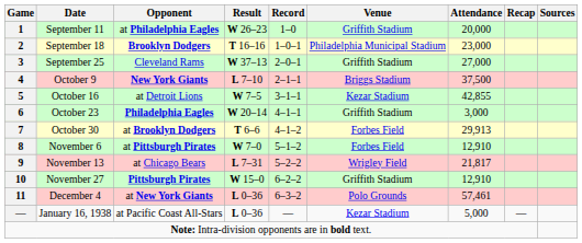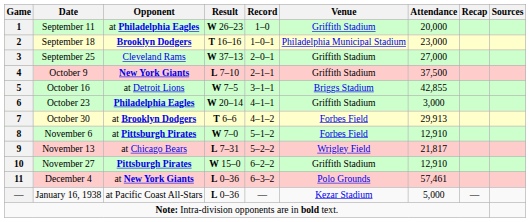 <table class="wikitable" style="text-align:center">
 <tr>
 <th>Game</th>
 <th>Date</th>
 <th>Opponent</th>
 <th>Result</th>
 <th>Record</th>
 <th>Venue</th>
 <th>Attendance</th>
 <th>Recap</th>
 <th>Sources</th>
 </tr>
 <tr style="background:#cfc">
 <th>1</th>
 <td>September 11</td>
 <td>at <strong><a href='#'>Philadelphia Eagles</a></strong></td>
 <td><strong>W</strong> 26–23</td>
 <td>1–0</td>
 <td><a href='#'>Griffith Stadium</a></td>
 <td>20,000</td>
 <td></td>
 <td></td>
 </tr>
 <tr style="background:#ffc">
 <th>2</th>
 <td>September 18</td>
 <td><strong><a href='#'>Brooklyn Dodgers</a></strong></td>
 <td><strong>T</strong> 16–16</td>
 <td>1–0–1</td>
 <td><a href='#'>Philadelphia Municipal Stadium</a></td>
 <td>23,000</td>
 <td></td>
 <td></td>
 </tr>
 <tr style="background:#cfc">
 <th>3</th>
 <td>September 25</td>
 <td><a href='#'>Cleveland Rams</a></td>
 <td><strong>W</strong> 37–13</td>
 <td>2–0–1</td>
 <td>Griffith Stadium</td>
 <td>27,000</td>
 <td></td>
 <td></td>
 </tr>
 <tr style="background:#fcc">
 <th>4</th>
 <td>October 9</td>
 <td><strong><a href='#'>New York Giants</a></strong></td>
 <td><strong>L</strong> 7–10</td>
 <td>2–1–1</td>
-<td><a href='#'>Briggs Stadium</a></td>
+<td>Griffith Stadium</td>
 <td>37,500</td>
 <td></td>
 <td></td>
 </tr>
 <tr style="background:#cfc">
 <th>5</th>
 <td>October 16</td>
 <td>at <a href='#'>Detroit Lions</a></td>
 <td><strong>W</strong> 7–5</td>
 <td>3–1–1</td>
-<td><a href='#'>Kezar Stadium</a></td>
+<td><a href='#'>Briggs Stadium</a></td>
 <td>42,855</td>
 <td></td>
 <td></td>
 </tr>
 <tr style="background:#cfc">
 <th>6</th>
 <td>October 23</td>
 <td><strong><a href='#'>Philadelphia Eagles</a></strong></td>
 <td><strong>W</strong> 20–14</td>
 <td>4–1–1</td>
 <td>Griffith Stadium</td>
 <td>3,000</td>
 <td></td>
 <td></td>
 </tr>
 <tr style="background:#ffc">
 <th>7</th>
 <td>October 30</td>
 <td>at <strong><a href='#'>Brooklyn Dodgers</a></strong></td>
 <td><strong>T</strong> 6–6</td>
 <td>4–1–2</td>
 <td><a href='#'>Forbes Field</a></td>
 <td>29,913</td>
 <td></td>
 <td></td>
 </tr>
 <tr style="background:#cfc">
 <th>8</th>
 <td>November 6</td>
 <td>at <strong><a href='#'>Pittsburgh Pirates</a></strong></td>
 <td><strong>W</strong> 7–0</td>
 <td>5–1–2</td>
 <td><a href='#'>Forbes Field</a></td>
 <td>12,910</td>
 <td></td>
 <td></td>
 </tr>
 <tr style="background:#fcc">
 <th>9</th>
 <td>November 13</td>
 <td>at <a href='#'>Chicago Bears</a></td>
 <td><strong>L</strong> 7–31</td>
 <td>5–2–2</td>
 <td><a href='#'>Wrigley Field</a></td>
 <td>21,817</td>
 <td></td>
 <td></td>
 </tr>
 <tr style="background:#cfc">
 <th>10</th>
 <td>November 27</td>
 <td><strong><a href='#'>Pittsburgh Pirates</a></strong></td>
 <td><strong>W</strong> 15–0</td>
 <td>6–2–2</td>
 <td>Griffith Stadium</td>
 <td>12,910</td>
 <td></td>
 <td></td>
 </tr>
 <tr style="background:#fcc">
 <th>11</th>
 <td>December 4</td>
 <td>at <strong><a href='#'>New York Giants</a></strong></td>
 <td><strong>L</strong> 0–36</td>
 <td>6–3–2</td>
 <td><a href='#'>Polo Grounds</a></td>
 <td>57,461</td>
 <td></td>
 <td></td>
 </tr>
 <tr>
 <th>—</th>
 <td>January 16, 1938</td>
 <td>at Pacific Coast All-Stars</td>
 <td><strong>L</strong> 0–36</td>
 <td>—</td>
 <td><a href='#'>Kezar Stadium</a></td>
 <td>5,000</td>
 <td>—</td>
 <td></td>
 </tr>
 <tr>
 <td colspan="8"><strong>Note:</strong> Intra-division opponents are in <strong>bold</strong> text.</td>
 </tr>
 </table>
